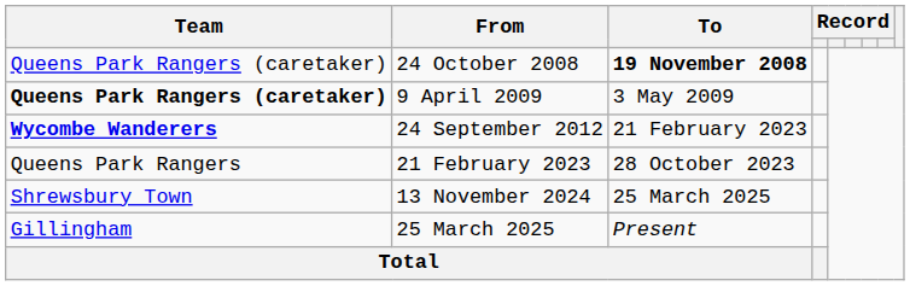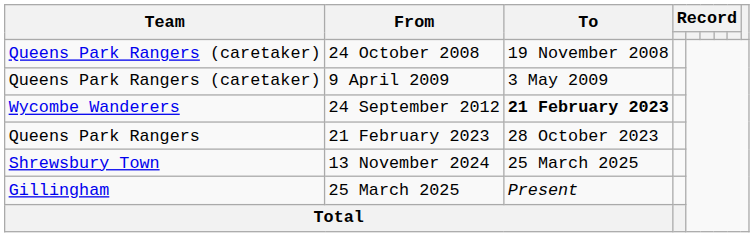 <table class=wikitable style=text-align:center>
 <tr>
 <th rowspan=2>Team</th>
 <th rowspan=2>From</th>
 <th rowspan=2>To</th>
 <th colspan=5>Record</th>
 <th rowspan=2></th>
 </tr>
 <tr>
 <th></th>
 <th></th>
 <th></th>
 <th></th>
 <th></th>
 </tr>
 <tr>
 <td align=left><a href='#'>Queens Park Rangers</a> (caretaker)</td>
 <td align=left>24 October 2008</td>
-<td align=left><strong>19 November 2008<br></strong></td>
+<td align=left>19 November 2008<br></td>
 <td></td>
 </tr>
 <tr>
-<td align=left><strong>Queens Park Rangers (caretaker)</strong></td>
+<td align=left>Queens Park Rangers (caretaker)</td>
 <td align=left>9 April 2009</td>
 <td align=left>3 May 2009<br></td>
 <td></td>
 </tr>
 <tr>
-<td align=left><strong><a href='#'>Wycombe Wanderers</a></strong></td>
+<td align=left><a href='#'>Wycombe Wanderers</a></td>
 <td align=left>24 September 2012</td>
-<td align=left>21 February 2023<br></td>
+<td align=left><strong>21 February 2023<br></strong></td>
 <td></td>
 </tr>
 <tr>
 <td align=left>Queens Park Rangers</td>
 <td align=left>21 February 2023</td>
 <td align=left>28 October 2023<br></td>
 <td></td>
 </tr>
 <tr>
 <td align=left><a href='#'>Shrewsbury Town</a></td>
 <td align=left>13 November 2024</td>
 <td align=left>25 March 2025<br></td>
 <td></td>
 </tr>
 <tr>
 <td align=left><a href='#'>Gillingham</a></td>
 <td align=left>25 March 2025</td>
 <td align=left><em>Present</em><br></td>
 <td></td>
 </tr>
 <tr>
 <th colspan=3>Total<br></th>
 <th></th>
 </tr>
 </table>
